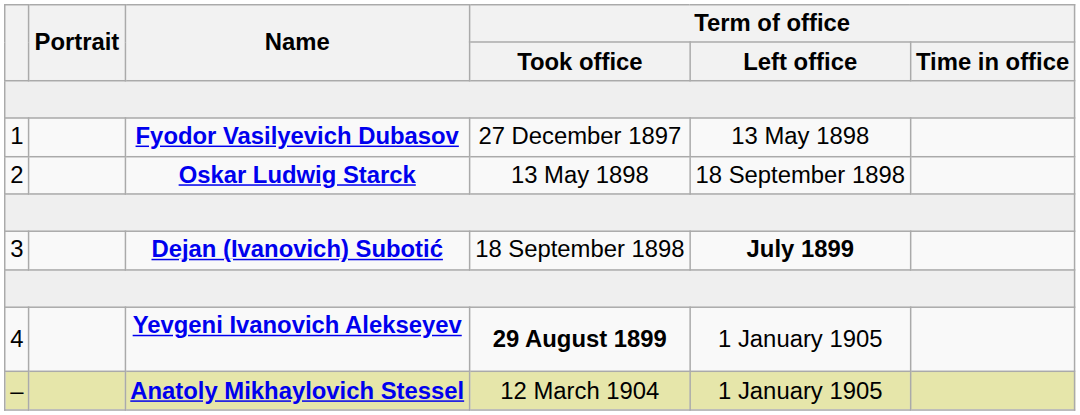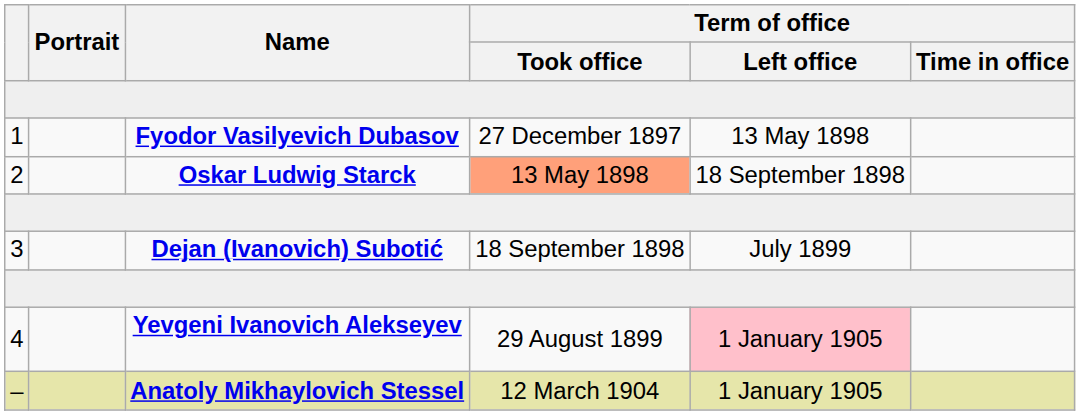 <table class="wikitable" style="text-align:center">
 <tr>
 <th rowspan=2></th>
 <th rowspan=2>Portrait</th>
 <th rowspan=2>Name<br></th>
 <th colspan=3>Term of office</th>
 </tr>
 <tr>
 <th>Took office</th>
 <th>Left office</th>
 <th>Time in office</th>
 </tr>
 <tr style="background:#efefef;">
 <td colspan=6><br></td>
 </tr>
 <tr>
 <td>1</td>
 <td></td>
 <td><strong><a href='#'>Fyodor Vasilyevich Dubasov</a></strong><br></td>
 <td>27 December 1897</td>
 <td>13 May 1898</td>
 <td></td>
 </tr>
 <tr>
 <td>2</td>
 <td></td>
 <td><strong><a href='#'>Oskar Ludwig Starck</a></strong><br></td>
-<td>13 May 1898</td>
+<td style="background: lightsalmon;">13 May 1898</td>
 <td>18 September 1898</td>
 <td></td>
 </tr>
 <tr style="background:#efefef;">
 <td colspan=6><br></td>
 </tr>
 <tr>
 <td>3</td>
 <td></td>
 <td><strong><a href='#'>Dejan (Ivanovich) Subotić</a></strong><br></td>
 <td>18 September 1898</td>
-<td><strong>July 1899</strong></td>
+<td>July 1899</td>
 <td></td>
 </tr>
 <tr style="background:#efefef;">
 <td colspan=6><br></td>
 </tr>
 <tr>
 <td>4</td>
 <td></td>
 <td><strong><a href='#'>Yevgeni Ivanovich Alekseyev</a></strong><br><br></td>
-<td><strong>29 August 1899</strong></td>
-<td>1 January 1905</td>
+<td>29 August 1899</td>
+<td style="background: pink;">1 January 1905</td>
 <td></td>
 </tr>
 <tr style="background:#e6e6aa;">
 <td>–</td>
 <td></td>
 <td><strong><a href='#'>Anatoly Mikhaylovich Stessel</a></strong><br></td>
 <td>12 March 1904</td>
 <td>1 January 1905</td>
 <td></td>
 </tr>
 </table>
